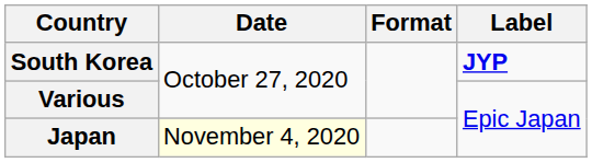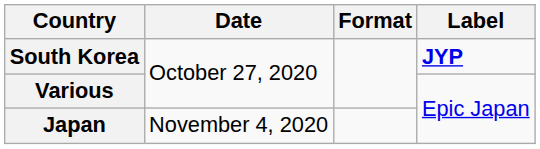 <table class="wikitable plainrowheaders">
 <tr>
 <th scope="col">Country</th>
 <th scope="col">Date</th>
 <th scope="col">Format</th>
 <th scope="col">Label</th>
 </tr>
 <tr>
 <th scope="row">South Korea</th>
 <td rowspan="2">October 27, 2020</td>
 <td rowspan="2"></td>
 <td><strong><a href='#'>JYP</a></strong></td>
 </tr>
 <tr>
 <th scope="row">Various</th>
 <td rowspan="2"><a href='#'>Epic Japan</a></td>
 </tr>
 <tr>
 <th scope="row">Japan</th>
-<td style="background: lightyellow;">November 4, 2020</td>
+<td>November 4, 2020</td>
 <td></td>
 </tr>
 </table>
